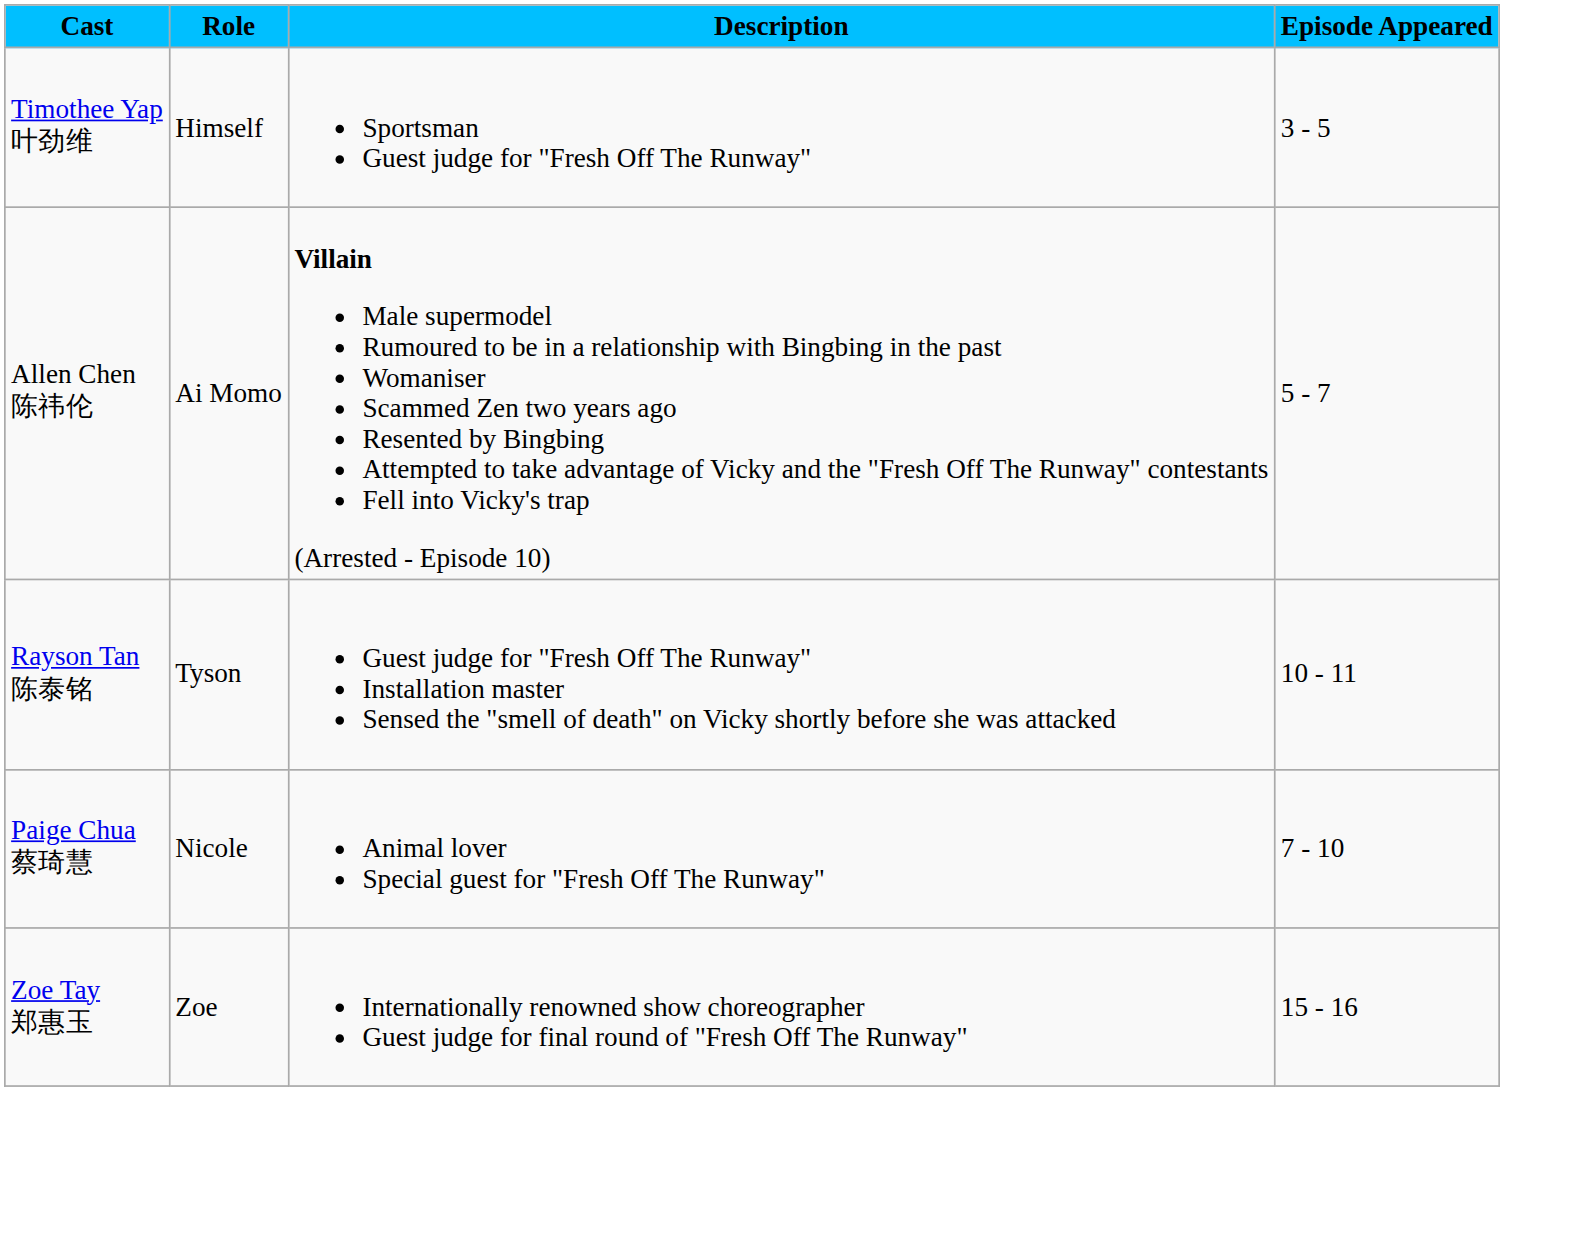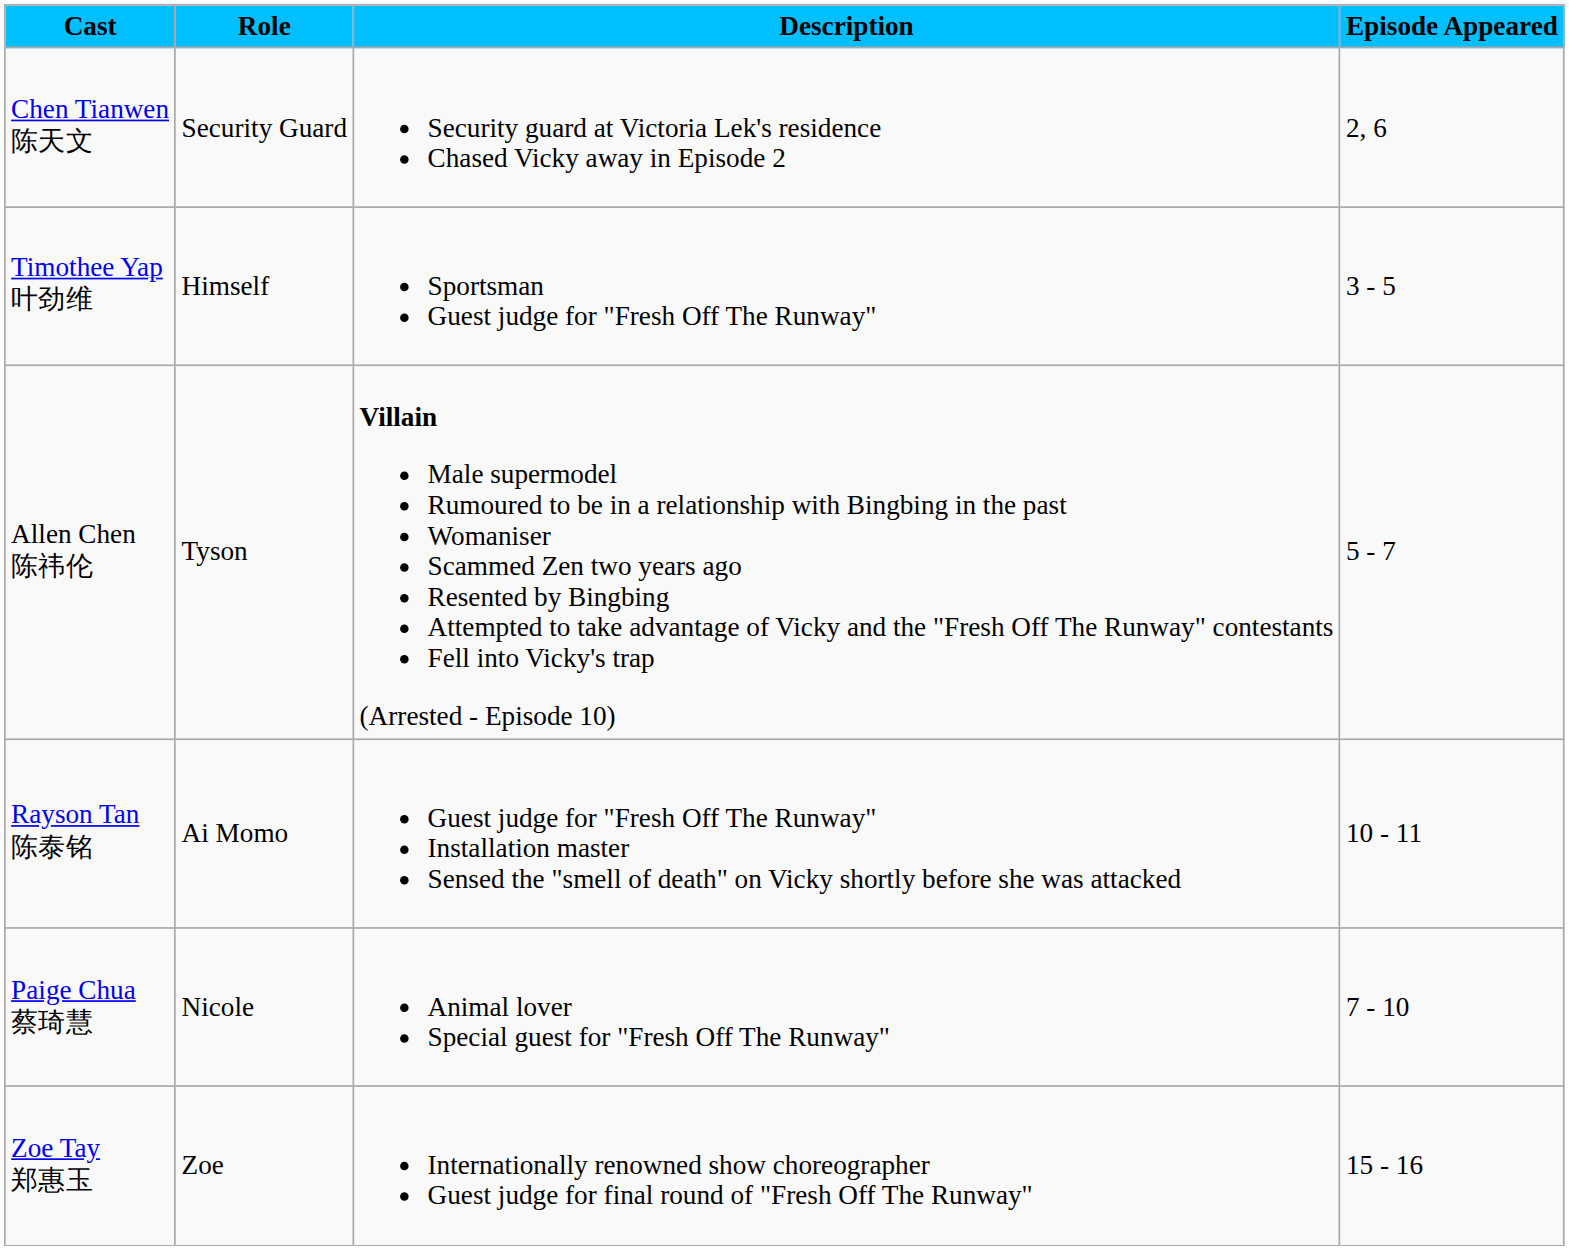 <table class="wikitable">
 <tr>
 <th style="background:#00BFFF;">Cast</th>
 <th style="background:#00BFFF;">Role</th>
 <th style="background:#00BFFF;">Description</th>
 <th style="background:#00BFFF;">Episode Appeared</th>
+</tr>
+<tr>
+<td><a href='#'>Chen Tianwen</a> <br> 陈天文</td>
+<td>Security Guard</td>
+<td><br><ul><li>Security guard at Victoria Lek's residence</li><li>Chased Vicky away in Episode 2</li></ul></td>
+<td>2, 6</td>
 </tr>
 <tr>
 <td><a href='#'>Timothee Yap</a> <br> 叶劲维</td>
 <td>Himself</td>
 <td><br><ul><li>Sportsman</li><li>Guest judge for "Fresh Off The Runway"</li></ul></td>
 <td>3 - 5</td>
 </tr>
 <tr>
 <td>Allen Chen <br> 陈祎伦</td>
-<td>Ai Momo</td>
+<td>Tyson</td>
 <td><br><strong>Villain</strong><ul><li>Male supermodel</li><li>Rumoured to be in a relationship with Bingbing in the past</li><li>Womaniser</li><li>Scammed Zen two years ago</li><li>Resented by Bingbing</li><li>Attempted to take advantage of Vicky and the "Fresh Off The Runway" contestants</li><li>Fell into Vicky's trap</li></ul>(Arrested - Episode 10)</td>
 <td>5 - 7</td>
 </tr>
 <tr>
 <td><a href='#'>Rayson Tan</a> <br> 陈泰铭</td>
-<td>Tyson</td>
+<td>Ai Momo</td>
 <td><br><ul><li>Guest judge for "Fresh Off The Runway"</li><li>Installation master</li><li>Sensed the "smell of death" on Vicky shortly before she was attacked</li></ul></td>
 <td>10 - 11</td>
 </tr>
 <tr>
 <td><a href='#'>Paige Chua</a> <br> 蔡琦慧</td>
 <td>Nicole</td>
 <td><br><ul><li>Animal lover</li><li>Special guest for "Fresh Off The Runway"</li></ul></td>
 <td>7 - 10</td>
 </tr>
 <tr>
 <td><a href='#'>Zoe Tay</a> <br> 郑惠玉</td>
 <td>Zoe</td>
 <td><br><ul><li>Internationally renowned show choreographer</li><li>Guest judge for final round of "Fresh Off The Runway"</li></ul></td>
 <td>15 - 16</td>
 </tr>
 </table>
